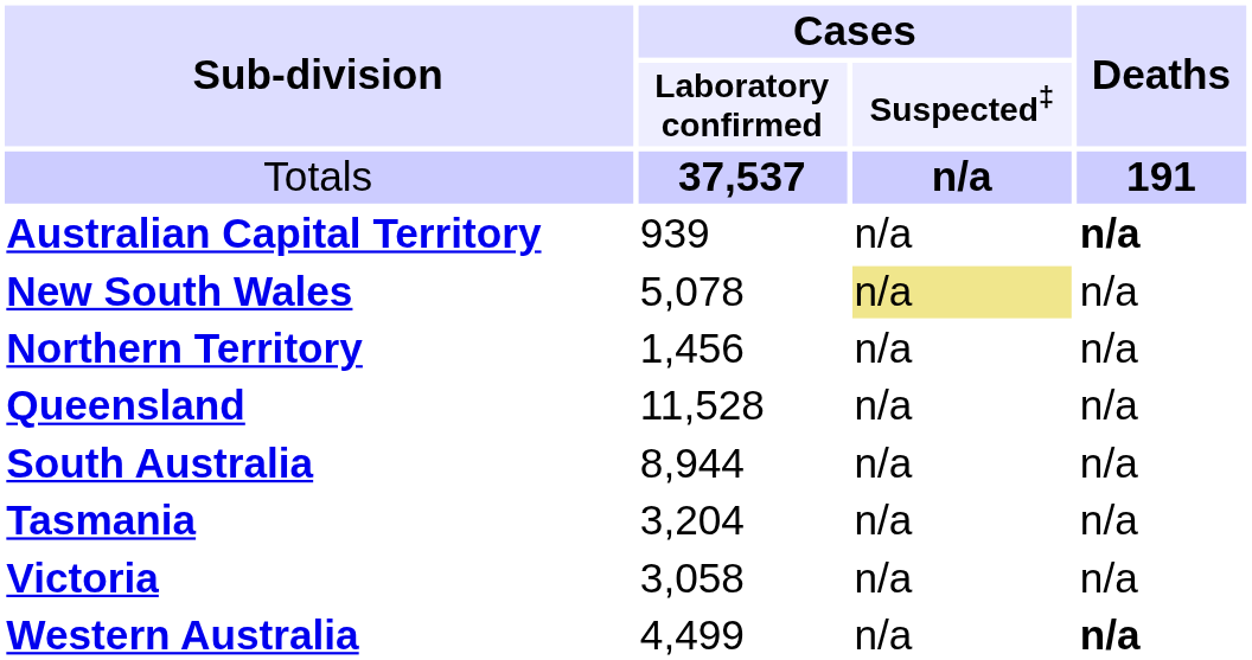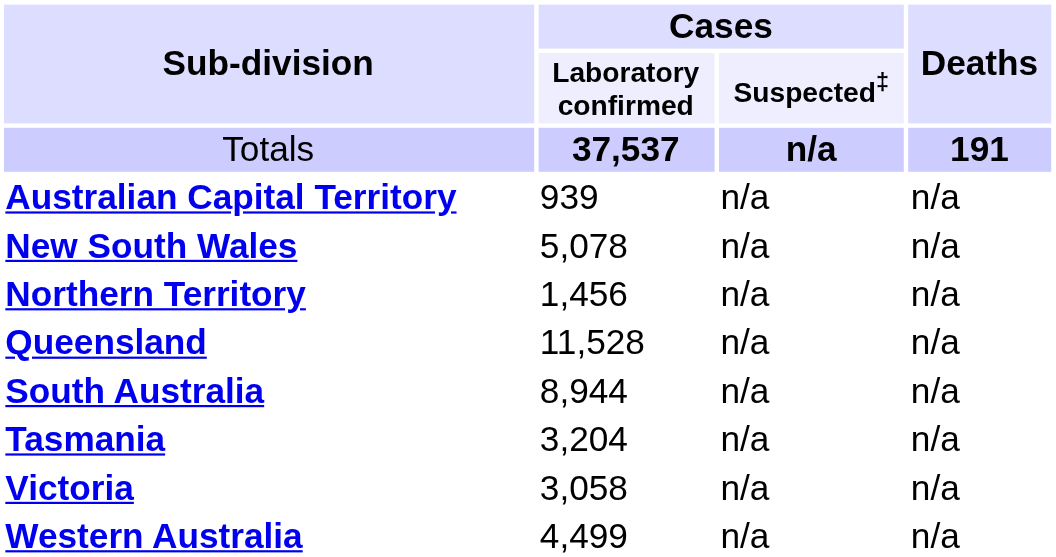 <table class="toccolours" style="float:right; clear:right;margin:0.4em; width:30em;">
 <tr>
 <th style="background:#ddf;" rowspan="2">Sub-division</th>
 <th style="background:#ddf;" colspan="2">Cases</th>
 <th style="background:#ddf;" rowspan="2">Deaths</th>
 </tr>
 <tr style="font-size:80%">
 <th style="background:#eef;">Laboratory <br>confirmed</th>
 <th style="background:#eef;">Suspected<sup>‡</sup></th>
 </tr>
 <tr>
 <td style="background:#ccf; text-align:center;">Totals</td>
 <th style="background:#ccf;">37,537</th>
 <th style="background:#ccf;">n/a</th>
 <th style="background:#ccf;">191</th>
 </tr>
 <tr>
 <td align=left><strong><a href='#'>Australian Capital Territory</a></strong></td>
 <td>939</td>
 <td>n/a</td>
-<td><strong>n/a</strong></td>
+<td>n/a</td>
 </tr>
 <tr>
 <td align=left><strong><a href='#'>New South Wales</a></strong></td>
 <td>5,078</td>
-<td style="background: khaki;">n/a</td>
+<td>n/a</td>
 <td>n/a</td>
 </tr>
 <tr>
 <td align=left><strong><a href='#'>Northern Territory</a></strong></td>
 <td>1,456</td>
 <td>n/a</td>
 <td>n/a</td>
 </tr>
 <tr>
 <td align=left><strong><a href='#'>Queensland</a></strong></td>
 <td>11,528</td>
 <td>n/a</td>
 <td>n/a</td>
 </tr>
 <tr>
 <td align=left><strong><a href='#'>South Australia</a></strong></td>
 <td>8,944</td>
 <td>n/a</td>
 <td>n/a</td>
 </tr>
 <tr>
 <td align=left><strong><a href='#'>Tasmania</a></strong></td>
 <td>3,204</td>
 <td>n/a</td>
 <td>n/a</td>
 </tr>
 <tr>
 <td align=left><strong><a href='#'>Victoria</a></strong></td>
 <td>3,058</td>
 <td>n/a</td>
 <td>n/a</td>
 </tr>
 <tr>
 <td align=left><strong><a href='#'>Western Australia</a></strong></td>
 <td>4,499</td>
 <td>n/a</td>
-<td><strong>n/a</strong></td>
+<td>n/a</td>
 </tr>
 </table>
